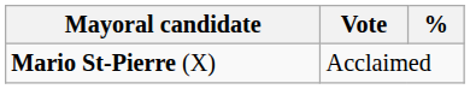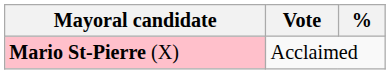 <table class="wikitable">
 <tr>
 <th bgcolor="#DDDDFF" width="200px">Mayoral candidate</th>
 <th bgcolor="#DDDDFF" width="50px">Vote</th>
 <th bgcolor="#DDDDFF" width="30px">%</th>
 </tr>
 <tr>
-<td><strong>Mario St-Pierre</strong> (X)</td>
+<td style="background: pink;"><strong>Mario St-Pierre</strong> (X)</td>
 <td colspan="2">Acclaimed</td>
 </tr>
 </table>
